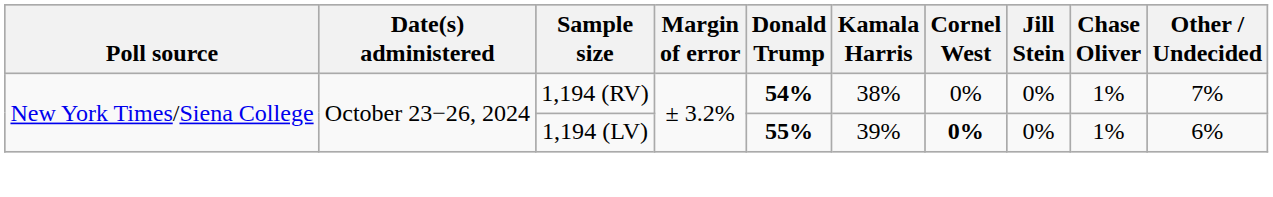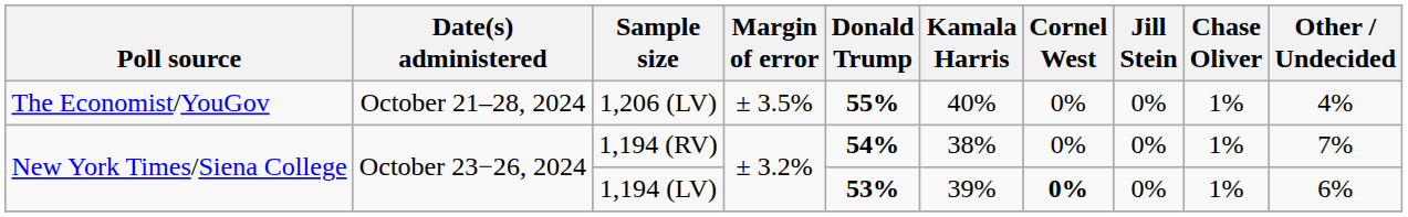 <table class="wikitable sortable mw-datatable" style="font-size:90%;text-align:center;line-height:17px">
 <tr valign=bottom>
 <th>Poll source</th>
 <th>Date(s)<br>administered</th>
 <th>Sample<br>size</th>
 <th>Margin<br>of error</th>
 <th class="unsortable">Donald<br>Trump<br></th>
 <th class="unsortable">Kamala<br>Harris<br></th>
 <th class="unsortable">Cornel<br>West<br></th>
 <th class="unsortable">Jill<br>Stein<br></th>
 <th class="unsortable">Chase<br>Oliver<br></th>
 <th class="unsortable">Other /<br>Undecided</th>
+</tr>
+<tr>
+<td style="text-align:left;"><a href='#'>The Economist</a>/<a href='#'>YouGov</a></td>
+<td data-sort-value="2024-10-28">October 21–28, 2024</td>
+<td>1,206 (LV)</td>
+<td>± 3.5%</td>
+<td style="background-color:"><strong>55%</strong></td>
+<td>40%</td>
+<td>0%</td>
+<td>0%</td>
+<td>1%</td>
+<td>4%</td>
 </tr>
 <tr>
 <td style="text-align:left;" rowspan="2"><a href='#'>New York Times</a>/<a href='#'>Siena College</a></td>
 <td rowspan="2">October 23−26, 2024</td>
 <td>1,194 (RV)</td>
 <td rowspan="2">± 3.2%</td>
 <td style="background-color:"><strong>54%</strong></td>
 <td>38%</td>
 <td>0%</td>
 <td>0%</td>
 <td>1%</td>
 <td>7%</td>
 </tr>
 <tr>
 <td>1,194 (LV)</td>
-<td style="background-color:"><strong>55%</strong></td>
+<td style="background-color:"><strong>53%</strong></td>
 <td>39%</td>
 <td><strong>0%</strong></td>
 <td>0%</td>
 <td>1%</td>
 <td>6%</td>
 </tr>
 </table>
